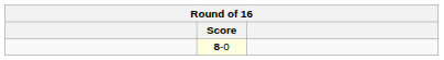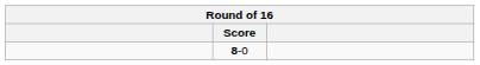 <table class="wikitable" style="text-align: center; font-size:90% ">
 <tr>
 <th colspan=3>Round of 16</th>
 </tr>
 <tr>
 <th align="right" width="250"></th>
 <th width="60">Score</th>
 <th align="left" width="250"></th>
 </tr>
 <tr>
 <td align=left><strong></strong></td>
-<td align=center style="background: lightyellow;"><strong>8</strong>-0</td>
+<td align=center><strong>8</strong>-0</td>
 <td align=left></td>
 </tr>
 </table>
